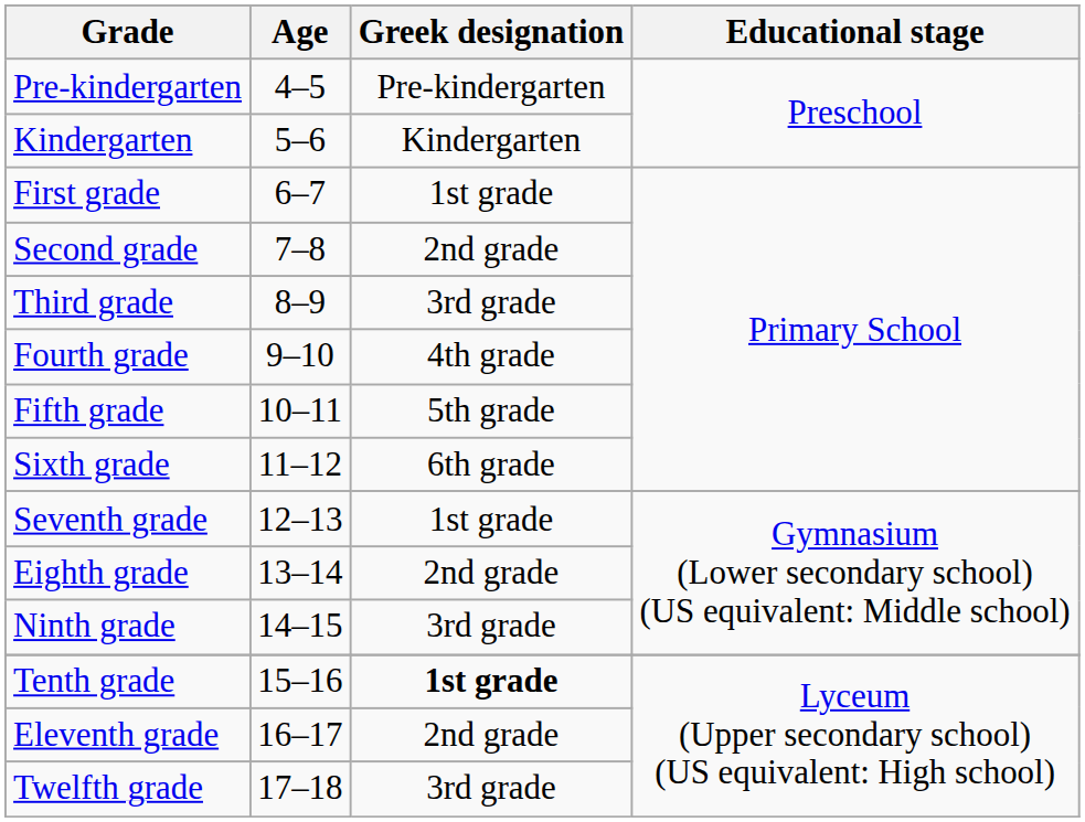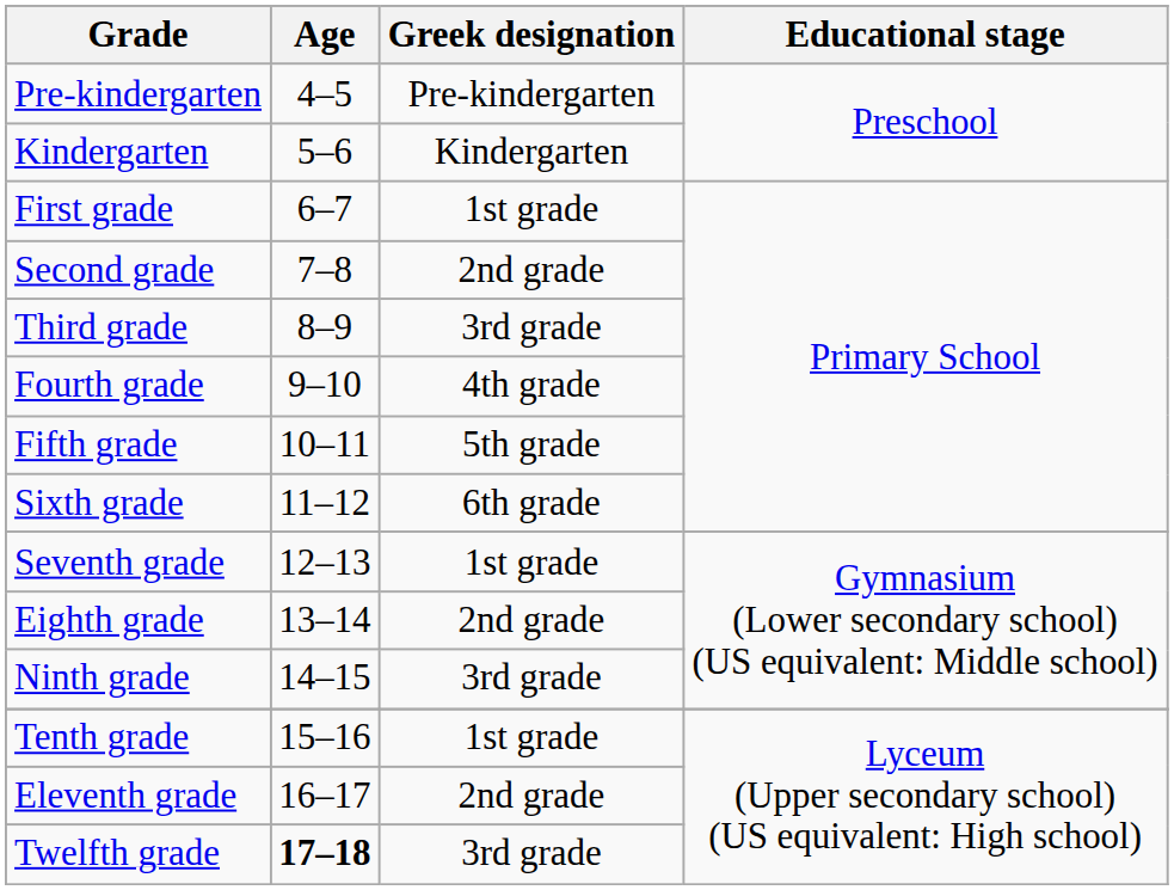 <table class="wikitable" style="text-align:center">
 <tr>
 <th>Grade</th>
 <th>Age</th>
 <th>Greek designation</th>
 <th>Educational stage</th>
 </tr>
 <tr>
 <td style="text-align:left;"><a href='#'>Pre-kindergarten</a></td>
 <td>4–5</td>
 <td>Pre-kindergarten</td>
 <td rowspan="2"><a href='#'>Preschool</a></td>
 </tr>
 <tr>
 <td style="text-align:left;"><a href='#'>Kindergarten</a></td>
 <td>5–6</td>
 <td>Kindergarten</td>
 </tr>
 <tr>
 <td style="text-align:left;"><a href='#'>First grade</a></td>
 <td>6–7</td>
 <td>1st grade</td>
 <td rowspan=6><a href='#'>Primary School</a></td>
 </tr>
 <tr>
 <td style="text-align:left;"><a href='#'>Second grade</a></td>
 <td>7–8</td>
 <td>2nd grade</td>
 </tr>
 <tr>
 <td style="text-align:left;"><a href='#'>Third grade</a></td>
 <td>8–9</td>
 <td>3rd grade</td>
 </tr>
 <tr>
 <td style="text-align:left;"><a href='#'>Fourth grade</a></td>
 <td>9–10</td>
 <td>4th grade</td>
 </tr>
 <tr>
 <td style="text-align:left;"><a href='#'>Fifth grade</a></td>
 <td>10–11</td>
 <td>5th grade</td>
 </tr>
 <tr>
 <td style="text-align:left;"><a href='#'>Sixth grade</a></td>
 <td>11–12</td>
 <td>6th grade</td>
 </tr>
 <tr>
 <td style="text-align:left;"><a href='#'>Seventh grade</a></td>
 <td>12–13</td>
 <td>1st grade</td>
 <td rowspan="3"><a href='#'>Gymnasium</a> <br>(Lower secondary school) <br>(US equivalent: Middle school)</td>
 </tr>
 <tr>
 <td style="text-align:left;"><a href='#'>Eighth grade</a></td>
 <td>13–14</td>
 <td>2nd grade</td>
 </tr>
 <tr>
 <td style="text-align:left;"><a href='#'>Ninth grade</a></td>
 <td>14–15</td>
 <td>3rd grade</td>
 </tr>
 <tr>
 </tr>
 <tr>
 </tr>
 <tr>
 <td style="text-align:left;"><a href='#'>Tenth grade</a></td>
 <td>15–16</td>
-<td><strong>1st grade</strong></td>
+<td>1st grade</td>
 <td rowspan="3"><a href='#'>Lyceum</a><br>(Upper secondary school) <br>(US equivalent: High school)</td>
 </tr>
 <tr>
 <td style="text-align:left;"><a href='#'>Eleventh grade</a></td>
 <td>16–17</td>
 <td>2nd grade</td>
 </tr>
 <tr>
 <td style="text-align:left;"><a href='#'>Twelfth grade</a></td>
-<td>17–18</td>
+<td><strong>17–18</strong></td>
 <td>3rd grade</td>
 </tr>
 </table>
